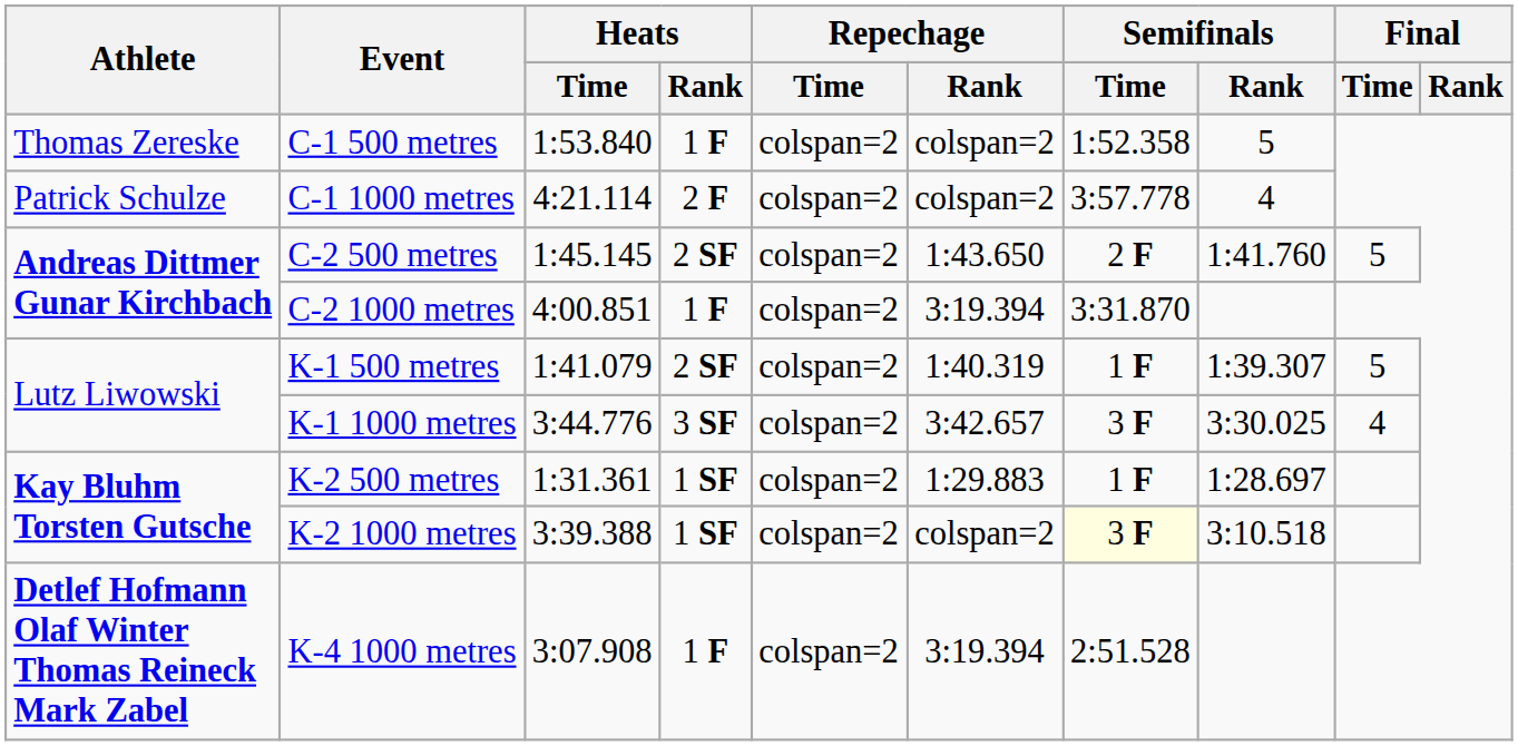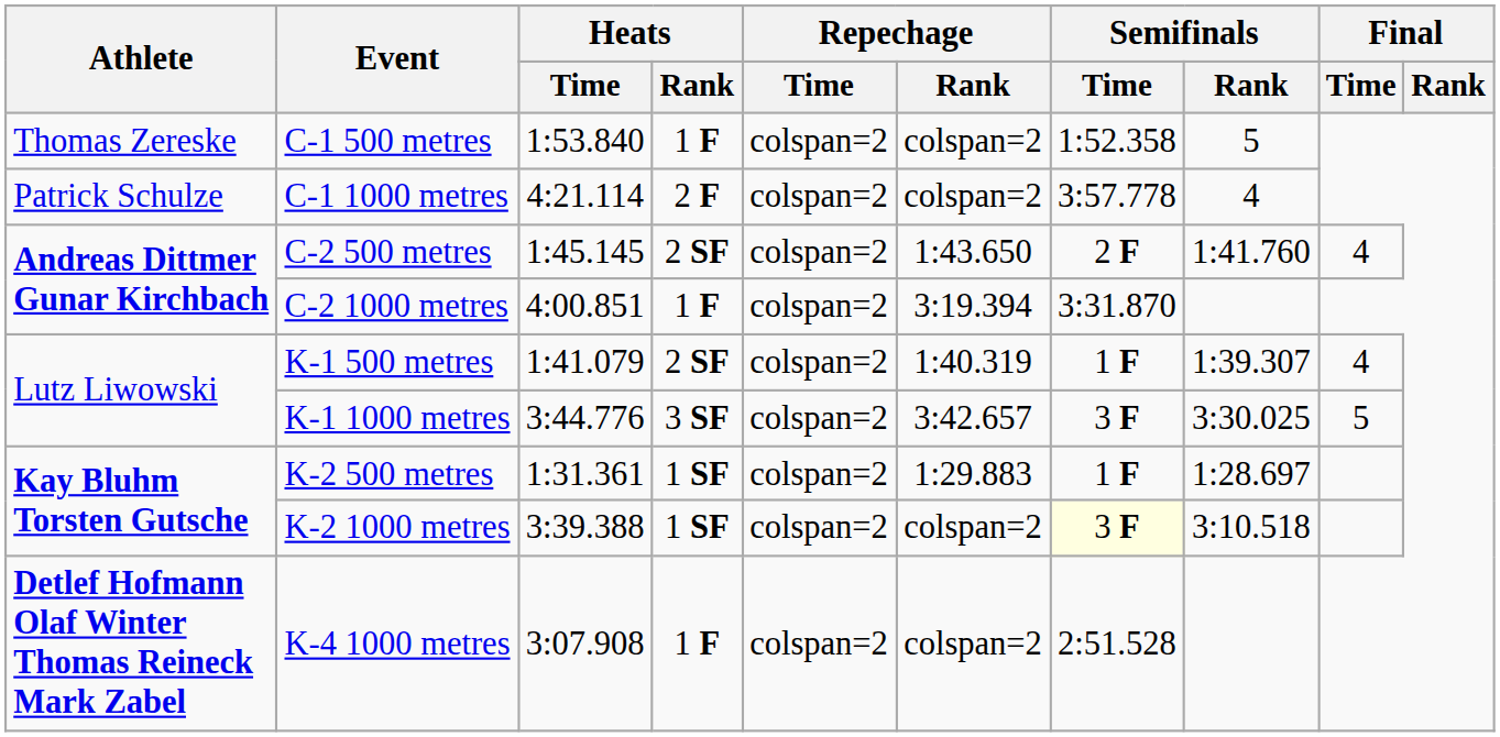 <table class=wikitable style="font-size:90%">
 <tr>
 <th rowspan="2">Athlete</th>
 <th rowspan="2">Event</th>
 <th colspan=2>Heats</th>
 <th colspan=2>Repechage</th>
 <th colspan=2>Semifinals</th>
 <th colspan=2>Final</th>
 </tr>
 <tr style="font-size:95%">
 <th>Time</th>
 <th>Rank</th>
 <th>Time</th>
 <th>Rank</th>
 <th>Time</th>
 <th>Rank</th>
 <th>Time</th>
 <th>Rank</th>
 </tr>
 <tr align=center>
 <td align=left><a href='#'>Thomas Zereske</a></td>
 <td align=left><a href='#'>C-1 500 metres</a></td>
 <td>1:53.840</td>
 <td>1 <strong>F</strong></td>
 <td>colspan=2</td>
 <td>colspan=2</td>
 <td>1:52.358</td>
 <td>5</td>
 </tr>
 <tr align=center>
 <td align=left><a href='#'>Patrick Schulze</a></td>
 <td align=left><a href='#'>C-1 1000 metres</a></td>
 <td>4:21.114</td>
 <td>2 <strong>F</strong></td>
 <td>colspan=2</td>
 <td>colspan=2</td>
 <td>3:57.778</td>
 <td>4</td>
 </tr>
 <tr align=center>
 <td align=left rowspan=2><strong><a href='#'>Andreas Dittmer</a><br><a href='#'>Gunar Kirchbach</a></strong></td>
 <td align=left><a href='#'>C-2 500 metres</a></td>
 <td>1:45.145</td>
 <td>2 <strong>SF</strong></td>
 <td>colspan=2</td>
 <td>1:43.650</td>
 <td>2 <strong>F</strong></td>
 <td>1:41.760</td>
-<td>5</td>
+<td>4</td>
 </tr>
 <tr align=center>
 <td align=left><a href='#'>C-2 1000 metres</a></td>
 <td>4:00.851</td>
 <td>1 <strong>F</strong></td>
 <td>colspan=2</td>
 <td>3:19.394</td>
 <td>3:31.870</td>
 <td></td>
 </tr>
 <tr align=center>
 <td align=left rowspan=2><a href='#'>Lutz Liwowski</a></td>
 <td align=left><a href='#'>K-1 500 metres</a></td>
 <td>1:41.079</td>
 <td>2 <strong>SF</strong></td>
 <td>colspan=2</td>
 <td>1:40.319</td>
 <td>1 <strong>F</strong></td>
 <td>1:39.307</td>
-<td>5</td>
+<td>4</td>
 </tr>
 <tr align=center>
 <td align=left><a href='#'>K-1 1000 metres</a></td>
 <td>3:44.776</td>
 <td>3 <strong>SF</strong></td>
 <td>colspan=2</td>
 <td>3:42.657</td>
 <td>3 <strong>F</strong></td>
 <td>3:30.025</td>
-<td>4</td>
+<td>5</td>
 </tr>
 <tr align=center>
 <td align=left rowspan=2><strong><a href='#'>Kay Bluhm</a><br><a href='#'>Torsten Gutsche</a></strong></td>
 <td align=left><a href='#'>K-2 500 metres</a></td>
 <td>1:31.361</td>
 <td>1 <strong>SF</strong></td>
 <td>colspan=2</td>
 <td>1:29.883</td>
 <td>1 <strong>F</strong></td>
 <td>1:28.697</td>
 <td></td>
 </tr>
 <tr align=center>
 <td align=left><a href='#'>K-2 1000 metres</a></td>
 <td>3:39.388</td>
 <td>1 <strong>SF</strong></td>
 <td>colspan=2</td>
 <td>colspan=2</td>
 <td style="background: lightyellow;">3 <strong>F</strong></td>
 <td>3:10.518</td>
 <td></td>
 </tr>
 <tr align=center>
 <td align=left><strong><a href='#'>Detlef Hofmann</a><br><a href='#'>Olaf Winter</a><br><a href='#'>Thomas Reineck</a><br><a href='#'>Mark Zabel</a></strong></td>
 <td align=left><a href='#'>K-4 1000 metres</a></td>
 <td>3:07.908</td>
 <td>1 <strong>F</strong></td>
 <td>colspan=2</td>
-<td>3:19.394</td>
+<td>colspan=2</td>
 <td>2:51.528</td>
 <td></td>
 </tr>
 </table>
